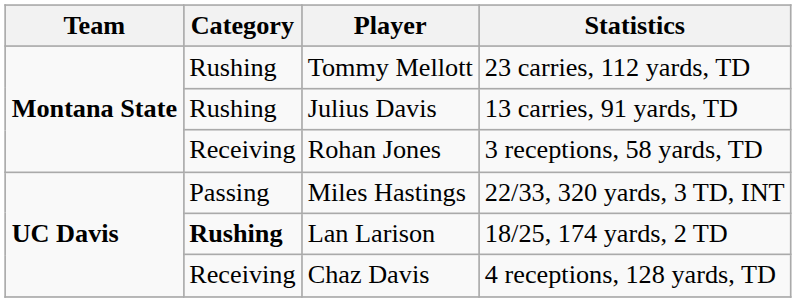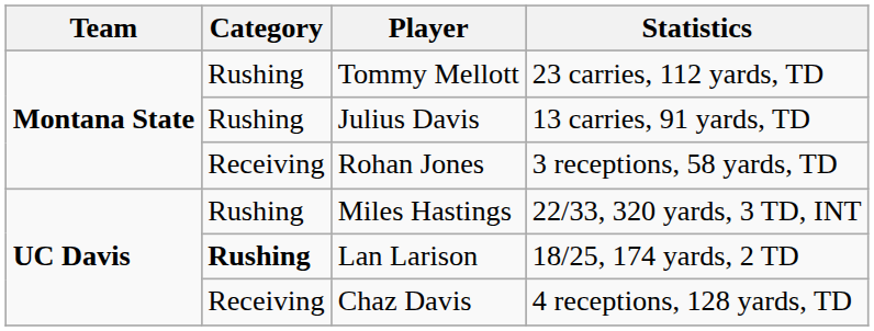 <table class="wikitable" style="float: right;">
 <tr>
 <th>Team</th>
 <th>Category</th>
 <th>Player</th>
 <th>Statistics</th>
 </tr>
 <tr>
 <td rowspan=3><strong>Montana State</strong></td>
 <td>Rushing</td>
 <td>Tommy Mellott</td>
 <td>23 carries, 112 yards, TD</td>
 </tr>
 <tr>
 <td>Rushing</td>
 <td>Julius Davis</td>
 <td>13 carries, 91 yards, TD</td>
 </tr>
 <tr>
 <td>Receiving</td>
 <td>Rohan Jones</td>
 <td>3 receptions, 58 yards, TD</td>
 </tr>
 <tr>
 <td rowspan=3><strong>UC Davis</strong></td>
-<td>Passing</td>
+<td>Rushing</td>
 <td>Miles Hastings</td>
 <td>22/33, 320 yards, 3 TD, INT</td>
 </tr>
 <tr>
 <td><strong>Rushing</strong></td>
 <td>Lan Larison</td>
 <td>18/25, 174 yards, 2 TD</td>
 </tr>
 <tr>
 <td>Receiving</td>
 <td>Chaz Davis</td>
 <td>4 receptions, 128 yards, TD</td>
 </tr>
 </table>
